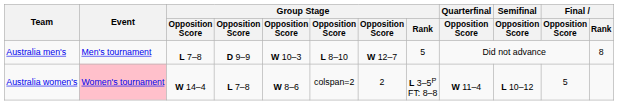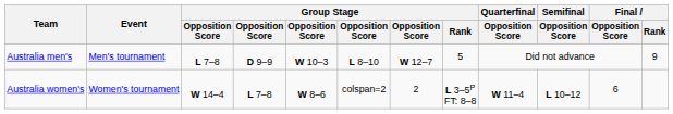 <table class="wikitable" style="font-size:90%">
 <tr>
 <th rowspan=2>Team</th>
 <th rowspan=2>Event</th>
 <th colspan=6>Group Stage</th>
 <th>Quarterfinal</th>
 <th>Semifinal</th>
 <th colspan=2>Final / </th>
 </tr>
 <tr style="font-size:95%">
 <th>Opposition<br>Score</th>
 <th>Opposition<br>Score</th>
 <th>Opposition<br>Score</th>
 <th>Opposition<br>Score</th>
 <th>Opposition<br>Score</th>
 <th>Rank</th>
 <th>Opposition<br>Score</th>
 <th>Opposition<br>Score</th>
 <th>Opposition<br>Score</th>
 <th>Rank</th>
 </tr>
 <tr align=center>
 <td align=left><a href='#'>Australia men's</a></td>
 <td align=left><a href='#'>Men's tournament</a></td>
 <td><br><strong>L</strong> 7–8</td>
 <td><br><strong>D</strong> 9–9</td>
 <td><br><strong>W</strong> 10–3</td>
 <td><br><strong>L</strong> 8–10</td>
 <td><br><strong>W</strong> 12–7</td>
 <td>5</td>
 <td colspan=3>Did not advance</td>
-<td>8</td>
+<td>9</td>
 </tr>
 <tr align=center>
 <td align=left><a href='#'>Australia women's</a></td>
-<td align=left style="background: pink;"><a href='#'>Women's tournament</a></td>
+<td align=left><a href='#'>Women's tournament</a></td>
 <td><br><strong>W</strong> 14–4</td>
 <td><br><strong>L</strong> 7–8</td>
 <td><br><strong>W</strong> 8–6</td>
 <td>colspan=2 </td>
 <td>2</td>
 <td><br><strong>L</strong> 3–5<sup>P</sup><br>FT: 8–8</td>
 <td><br><strong>W</strong> 11–4</td>
 <td><br><strong>L</strong> 10–12</td>
-<td>5</td>
+<td>6</td>
 </tr>
 </table>
